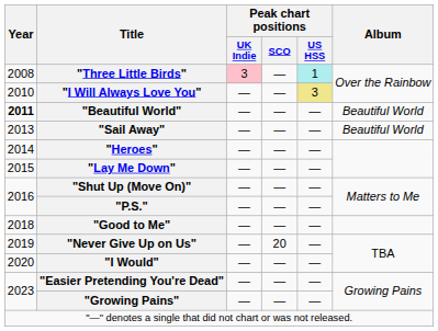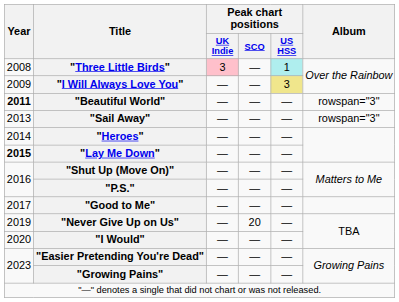 <table class="wikitable plainrowheaders" style="text-align:center;">
 <tr>
 <th scope="col" rowspan="2" style="width:1em;">Year</th>
 <th scope="col" rowspan="2">Title</th>
 <th scope="col" colspan="3">Peak chart positions</th>
 <th scope="col" rowspan="2">Album</th>
 </tr>
 <tr>
 <th scope="col" style="width:3em;font-size:85%;"><a href='#'>UK<br>Indie</a><br></th>
 <th scope="col" style="width:3em;font-size:85%;"><a href='#'>SCO</a><br></th>
 <th scope="col" style="width:3em;font-size:85%;"><a href='#'>US<br>HSS</a><br></th>
 </tr>
 <tr>
 <td>2008</td>
 <th scope="row">"<a href='#'>Three Little Birds</a>"</th>
 <td style="background: pink;">3</td>
 <td>—</td>
 <td style="background: paleturquoise;">1</td>
 <td rowspan="2"><em>Over the Rainbow</em></td>
 </tr>
 <tr>
-<td>2010</td>
+<td>2009</td>
 <th scope="row">"<a href='#'>I Will Always Love You</a>"</th>
 <td>—</td>
 <td>—</td>
 <td style="background: khaki;">3</td>
 </tr>
 <tr>
 <td><strong>2011</strong></td>
 <th scope="row">"Beautiful World"</th>
 <td>—</td>
 <td>—</td>
 <td>—</td>
-<td><em>Beautiful World</em></td>
+<td>rowspan="3" </td>
 </tr>
 <tr>
 <td>2013</td>
 <th scope="row">"Sail Away"</th>
 <td>—</td>
 <td>—</td>
 <td>—</td>
-<td><em>Beautiful World</em></td>
+<td>rowspan="3" </td>
 </tr>
 <tr>
 <td>2014</td>
 <th scope="row">"<a href='#'>Heroes</a>"</th>
 <td>—</td>
 <td>—</td>
 <td>—</td>
 </tr>
 <tr>
-<td>2015</td>
+<td><strong>2015</strong></td>
 <th scope="row">"<a href='#'>Lay Me Down</a>"</th>
 <td>—</td>
 <td>—</td>
 <td>—</td>
 </tr>
 <tr>
 <td rowspan="2">2016</td>
 <th scope="row">"Shut Up (Move On)"</th>
 <td>—</td>
 <td>—</td>
 <td>—</td>
 <td rowspan="2"><em>Matters to Me</em></td>
 </tr>
 <tr>
 <th scope="row">"P.S."</th>
 <td>—</td>
 <td>—</td>
 <td>—</td>
 </tr>
 <tr>
-<td>2018</td>
+<td>2017</td>
 <th scope="row">"Good to Me"</th>
 <td>—</td>
 <td>—</td>
 <td>—</td>
 <td></td>
 </tr>
 <tr>
 <td>2019</td>
 <th scope="row">"Never Give Up on Us"</th>
 <td>—</td>
 <td>20</td>
 <td>—</td>
 <td rowspan="2">TBA</td>
 </tr>
 <tr>
 <td>2020</td>
 <th scope="row">"I Would"</th>
 <td>—</td>
 <td>—</td>
 <td>—</td>
 </tr>
 <tr>
 <td rowspan="2">2023</td>
 <th scope="row">"Easier Pretending You're Dead"</th>
 <td>—</td>
 <td>—</td>
 <td>—</td>
 <td rowspan="2"><em>Growing Pains</em></td>
 </tr>
 <tr>
 <th scope="row">"Growing Pains"</th>
 <td>—</td>
 <td>—</td>
 <td>—</td>
 </tr>
 <tr>
 <td colspan="13" style="font-size:85%">"—" denotes a single that did not chart or was not released.</td>
 </tr>
 </table>
